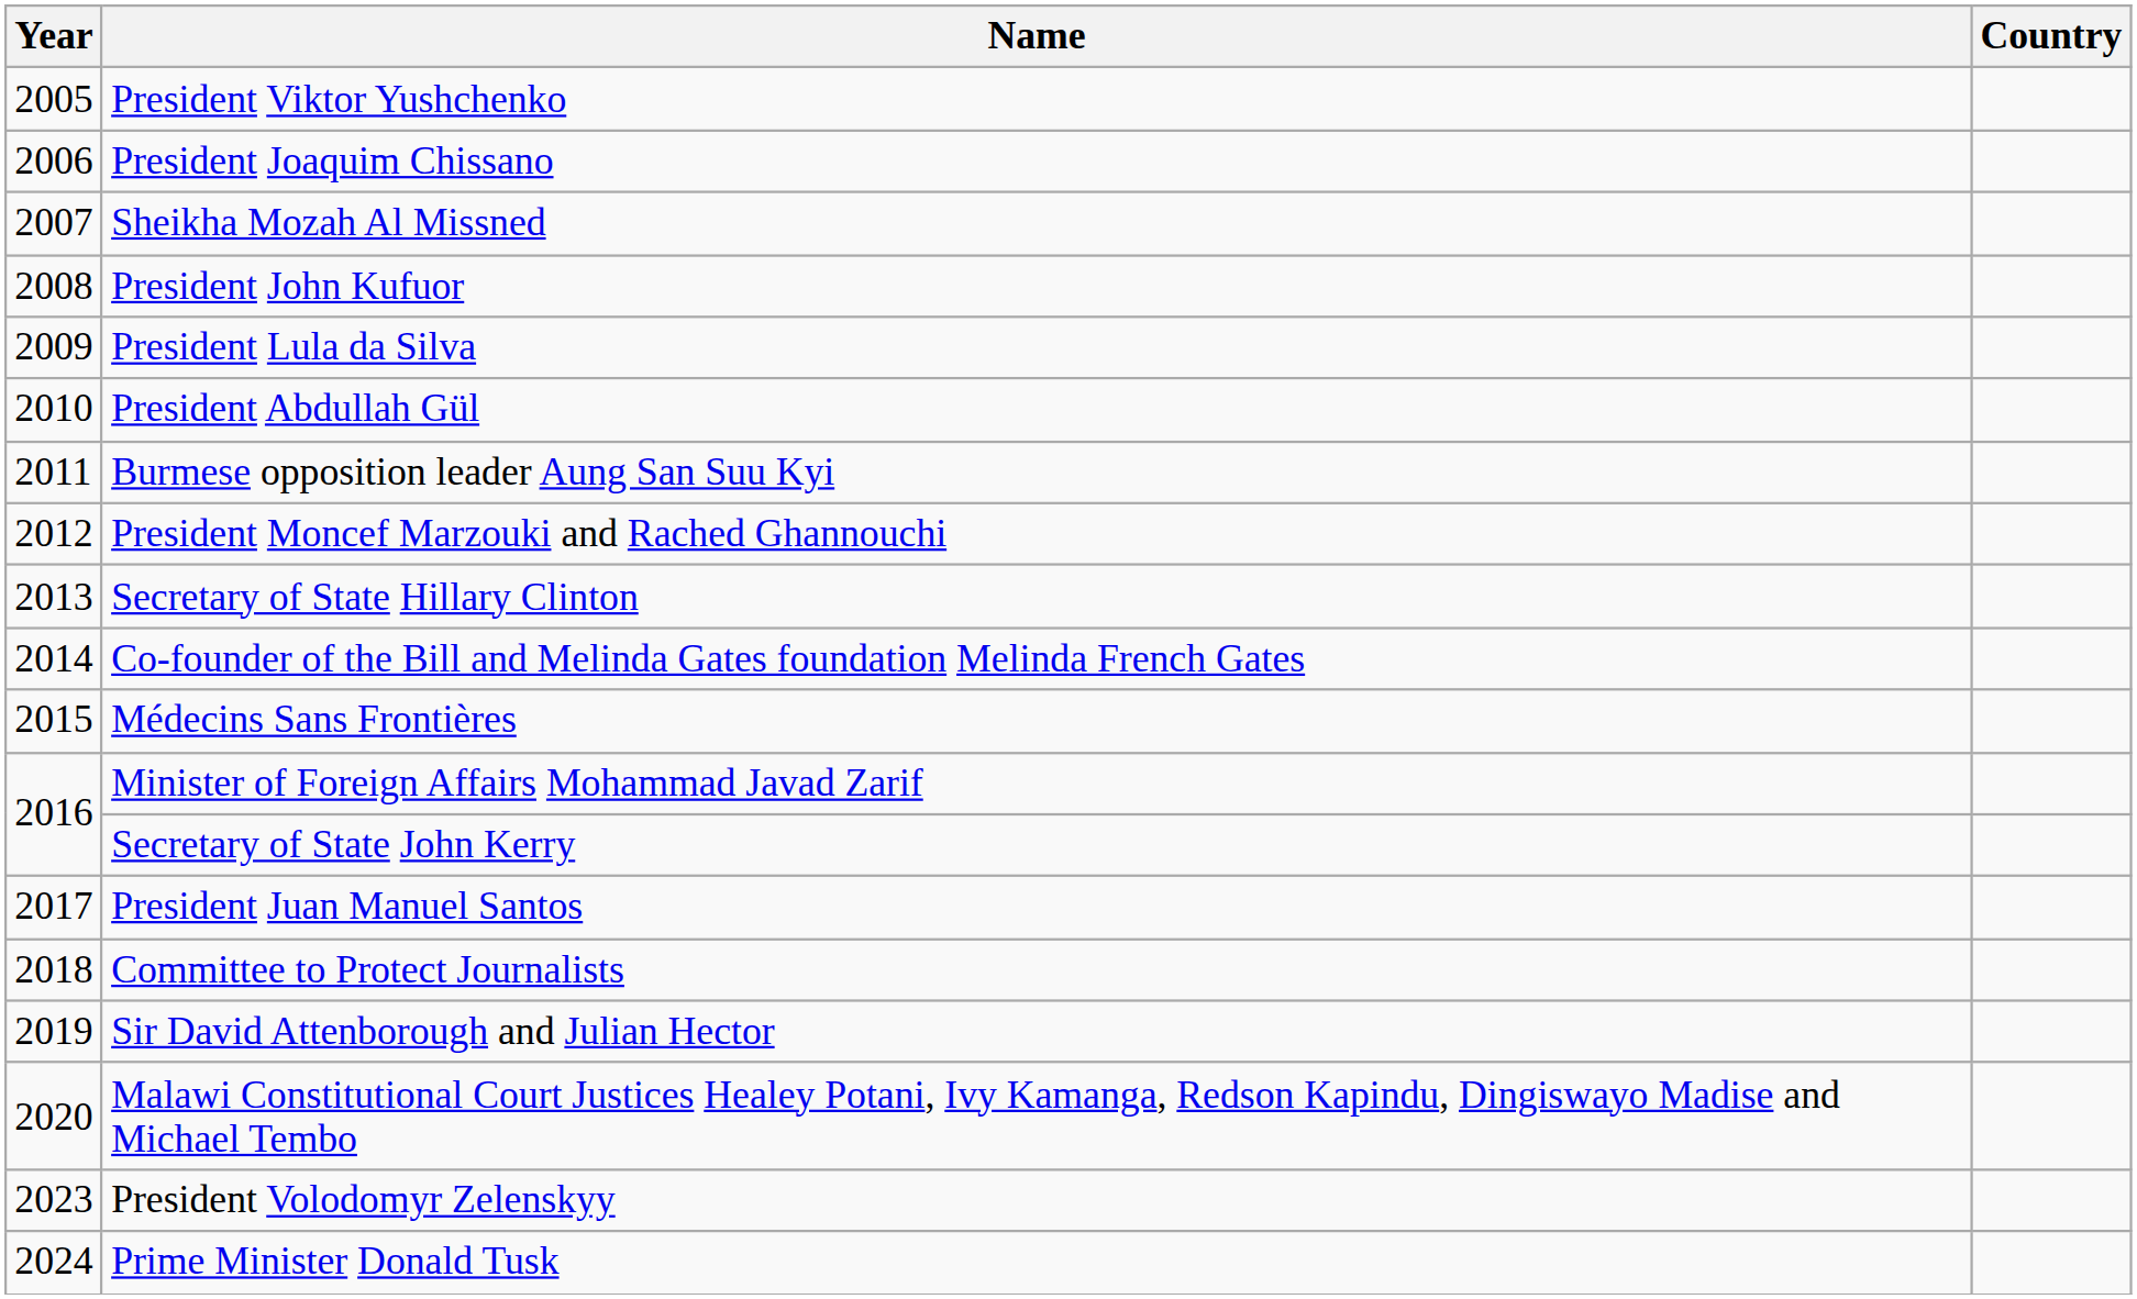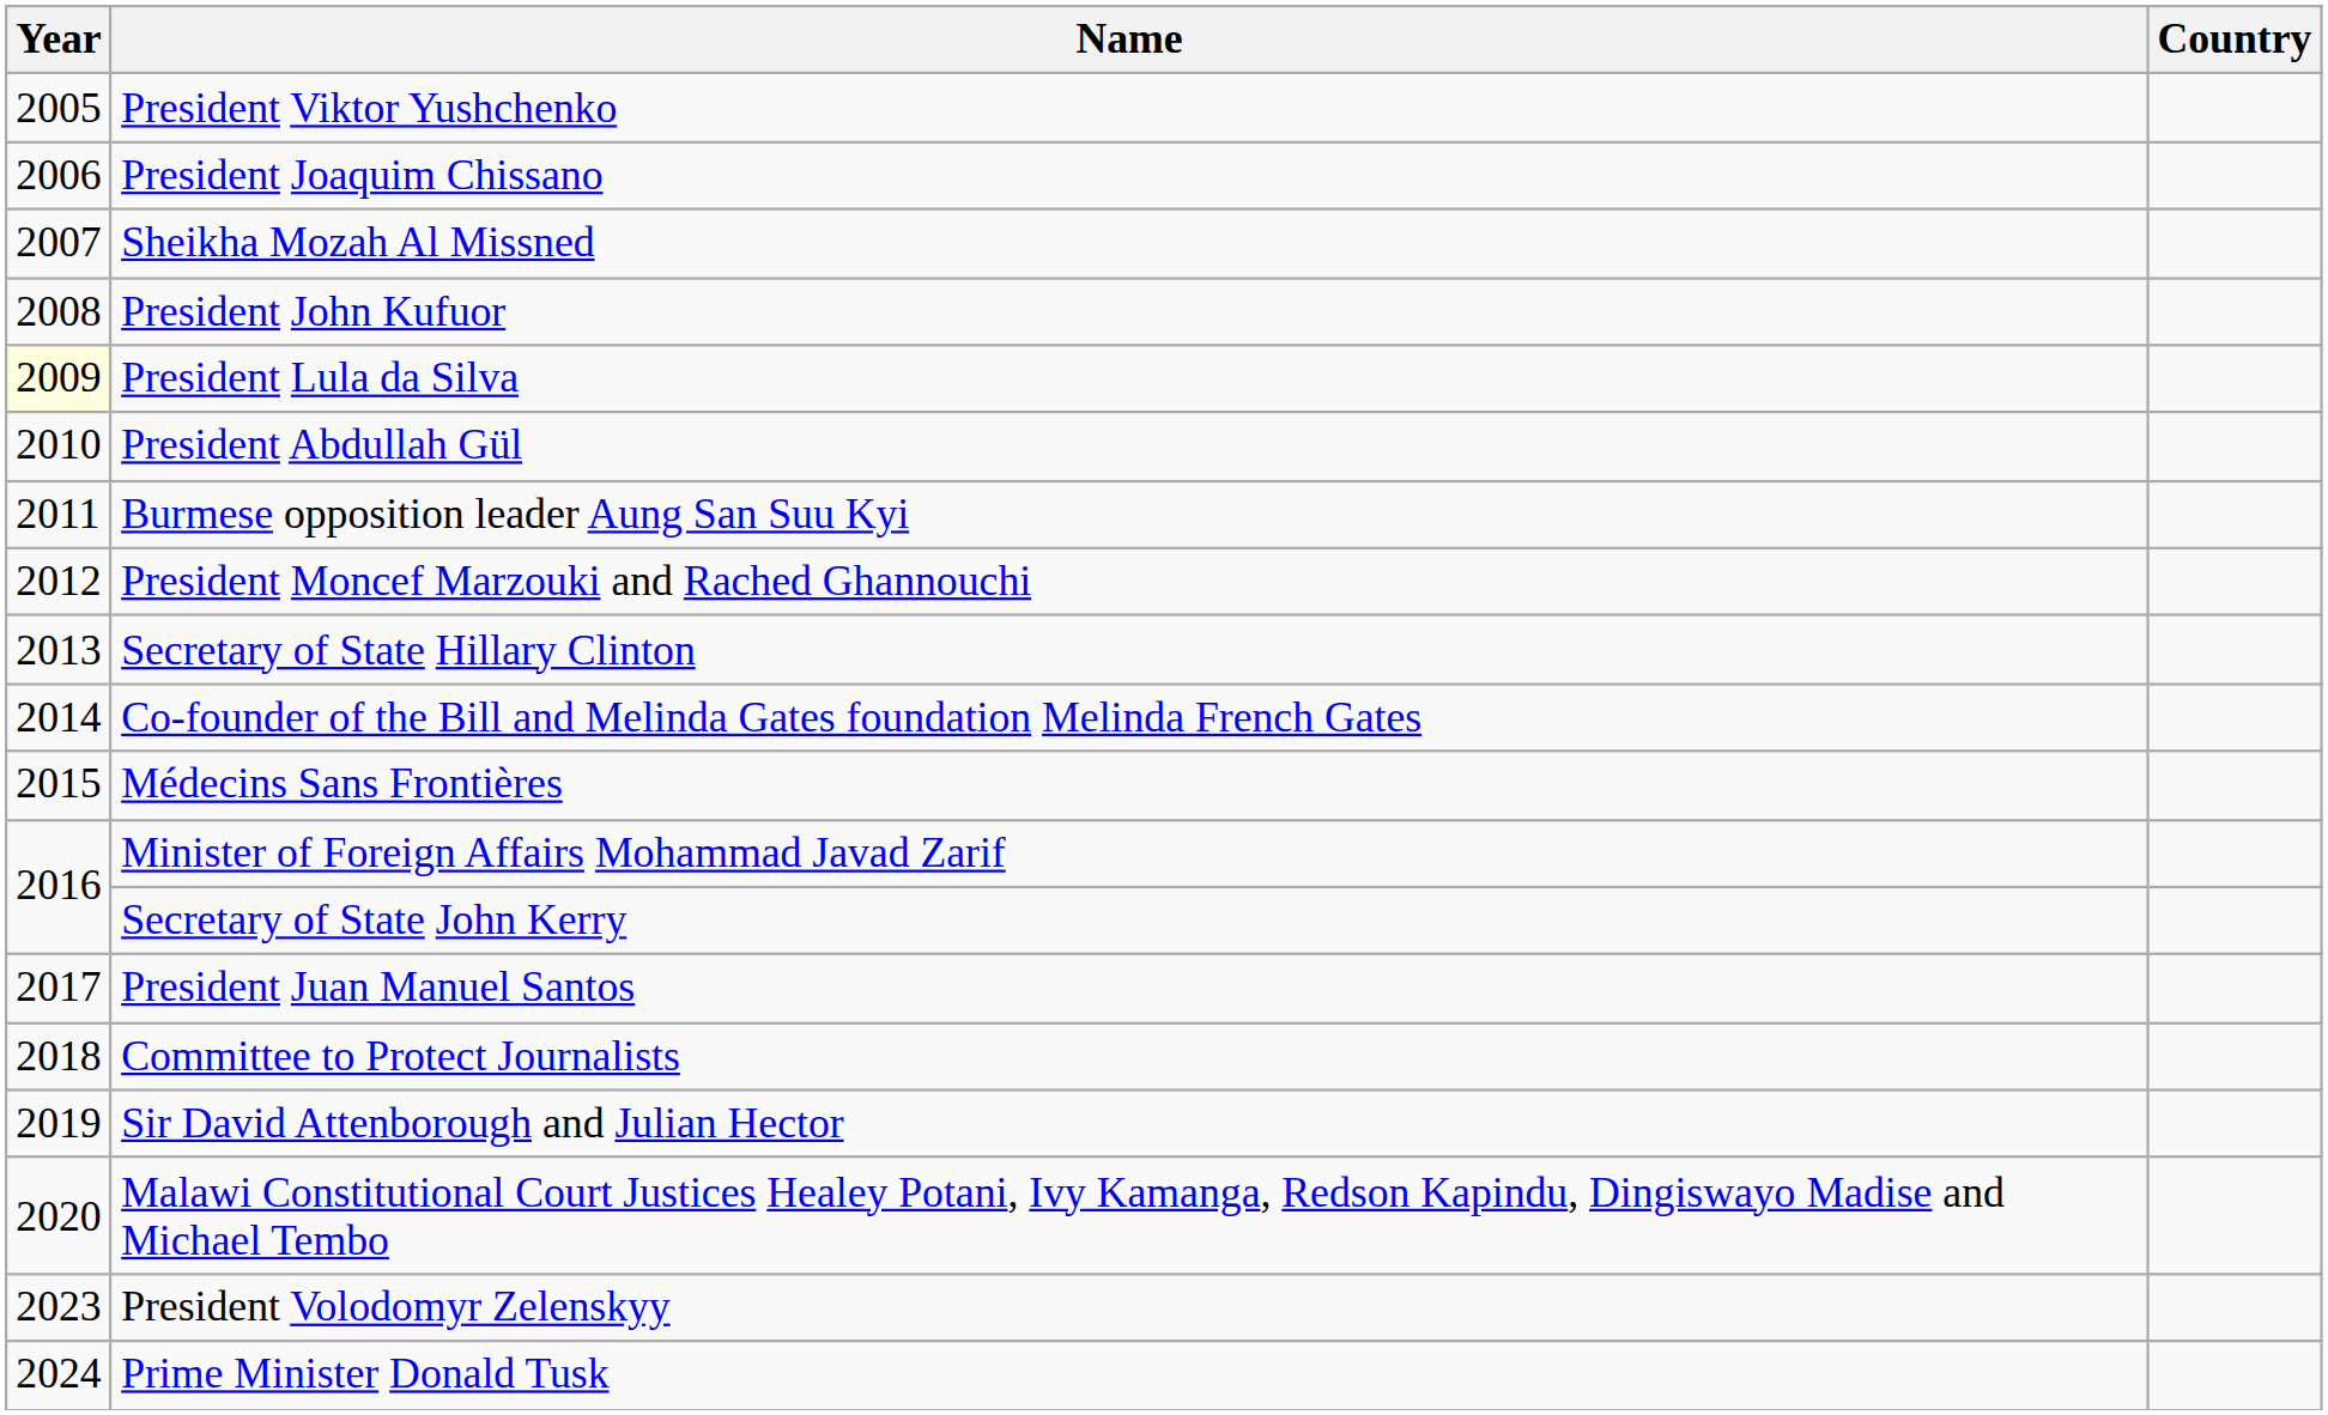 <table class="wikitable">
 <tr>
 <th>Year</th>
 <th>Name</th>
 <th>Country</th>
 </tr>
 <tr>
 <td>2005</td>
 <td><a href='#'>President</a> <a href='#'>Viktor Yushchenko</a></td>
 <td></td>
 </tr>
 <tr>
 <td>2006</td>
 <td><a href='#'>President</a> <a href='#'>Joaquim Chissano</a></td>
 <td></td>
 </tr>
 <tr>
 <td>2007</td>
 <td><a href='#'>Sheikha Mozah Al Missned</a></td>
 <td></td>
 </tr>
 <tr>
 <td>2008</td>
 <td><a href='#'>President</a> <a href='#'>John Kufuor</a></td>
 <td></td>
 </tr>
 <tr>
-<td>2009</td>
+<td style="background: lightyellow;">2009</td>
 <td><a href='#'>President</a> <a href='#'>Lula da Silva</a></td>
 <td></td>
 </tr>
 <tr>
 <td>2010</td>
 <td><a href='#'>President</a> <a href='#'>Abdullah Gül</a></td>
 <td></td>
 </tr>
 <tr>
 <td>2011</td>
 <td><a href='#'>Burmese</a> opposition leader <a href='#'>Aung San Suu Kyi</a></td>
 <td></td>
 </tr>
 <tr>
 <td>2012</td>
 <td><a href='#'>President</a> <a href='#'>Moncef Marzouki</a> and <a href='#'>Rached Ghannouchi</a></td>
 <td></td>
 </tr>
 <tr>
 <td>2013</td>
 <td><a href='#'>Secretary of State</a> <a href='#'>Hillary Clinton</a></td>
 <td></td>
 </tr>
 <tr>
 <td>2014</td>
 <td><a href='#'>Co-founder of the Bill and Melinda Gates foundation</a> <a href='#'>Melinda French Gates</a></td>
 <td></td>
 </tr>
 <tr>
 <td>2015</td>
 <td><a href='#'>Médecins Sans Frontières</a></td>
 <td></td>
 </tr>
 <tr>
 <td rowspan=2>2016</td>
 <td><a href='#'>Minister of Foreign Affairs</a> <a href='#'>Mohammad Javad Zarif</a></td>
 <td></td>
 </tr>
 <tr>
 <td><a href='#'>Secretary of State</a> <a href='#'>John Kerry</a></td>
 <td></td>
 </tr>
 <tr>
 <td>2017</td>
 <td><a href='#'>President</a> <a href='#'>Juan Manuel Santos</a></td>
 <td></td>
 </tr>
 <tr>
 <td>2018</td>
 <td><a href='#'>Committee to Protect Journalists</a></td>
 <td></td>
 </tr>
 <tr>
 <td>2019</td>
 <td><a href='#'>Sir David Attenborough</a> and <a href='#'>Julian Hector</a></td>
 <td></td>
 </tr>
 <tr>
 <td>2020</td>
 <td><a href='#'>Malawi Constitutional Court Justices</a> <a href='#'>Healey Potani</a>, <a href='#'>Ivy Kamanga</a>, <a href='#'>Redson Kapindu</a>, <a href='#'>Dingiswayo Madise</a> and <a href='#'>Michael Tembo</a></td>
 <td></td>
 </tr>
 <tr>
 <td>2023</td>
 <td>President <a href='#'>Volodomyr Zelenskyy</a></td>
 <td></td>
 </tr>
 <tr>
 <td>2024</td>
 <td><a href='#'>Prime Minister</a> <a href='#'>Donald Tusk</a></td>
 <td></td>
 </tr>
 </table>
